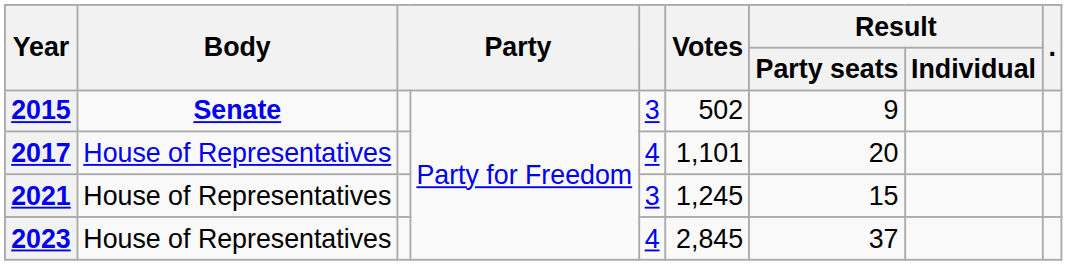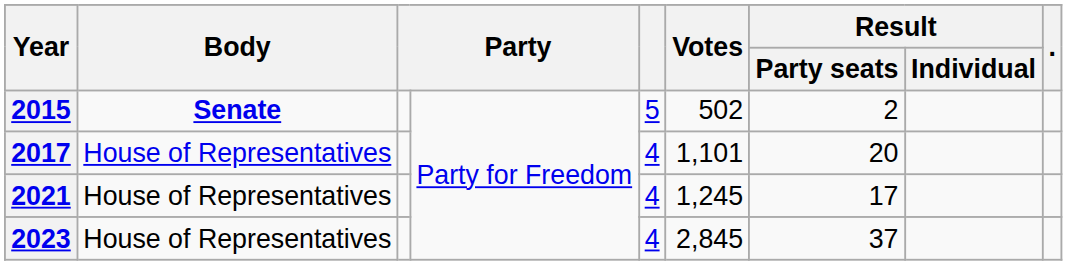 <table class="wikitable plainrowheaders sortable" border=2 cellpadding=4 cellspacing=0 style="border: 1px #aaa solid; font-size: 90%; text-align:center;">
 <tr>
 <th scope="col" rowspan=2>Year</th>
 <th scope="col" rowspan=2>Body</th>
 <th scope="col" colspan=2 rowspan=2>Party</th>
 <th scope="col" rowspan=2></th>
 <th scope="col" rowspan=2>Votes</th>
 <th scope="colgroup" colspan=2>Result</th>
 <th scope="col" rowspan=2 class="unsortable">.</th>
 </tr>
 <tr>
 <th scope="col">Party seats</th>
 <th scope="col">Individual</th>
 </tr>
 <tr>
 <th scope="row"><a href='#'>2015</a></th>
 <td><strong><a href='#'>Senate</a></strong></td>
 <td style="background-color:"></td>
 <td rowspan="4"><a href='#'>Party for Freedom</a></td>
-<td style=text-align:right><a href='#'>3</a></td>
+<td style=text-align:right><a href='#'>5</a></td>
 <td style=text-align:right>502</td>
-<td style=text-align:right>9</td>
+<td style=text-align:right>2</td>
 <td></td>
 <td></td>
 </tr>
 <tr>
 <th scope="row"><a href='#'>2017</a></th>
 <td><a href='#'>House of Representatives</a></td>
 <td style="background-color:"></td>
 <td style=text-align:right><a href='#'>4</a></td>
 <td style=text-align:right>1,101</td>
 <td style=text-align:right>20</td>
 <td></td>
 <td></td>
 </tr>
 <tr>
 <th scope="row"><a href='#'>2021</a></th>
 <td>House of Representatives</td>
 <td style="background-color:"></td>
-<td style=text-align:right><a href='#'>3</a></td>
+<td style=text-align:right><a href='#'>4</a></td>
 <td style=text-align:right>1,245</td>
-<td style=text-align:right>15</td>
+<td style=text-align:right>17</td>
 <td></td>
 <td></td>
 </tr>
 <tr>
 <th scope="row"><a href='#'>2023</a></th>
 <td>House of Representatives</td>
 <td style="background-color:"></td>
 <td style=text-align:right><a href='#'>4</a></td>
 <td style=text-align:right>2,845</td>
 <td style=text-align:right>37</td>
 <td></td>
 <td></td>
 </tr>
 </table>
